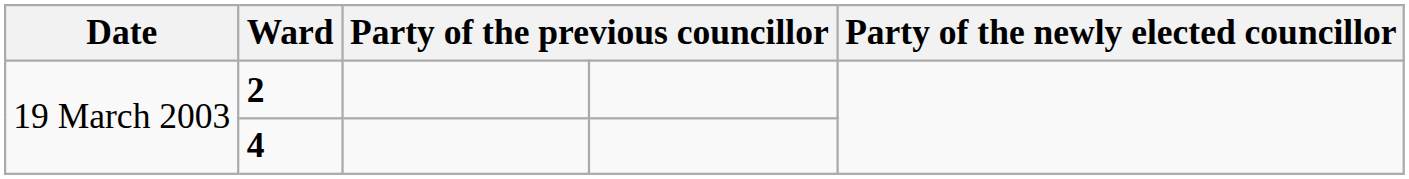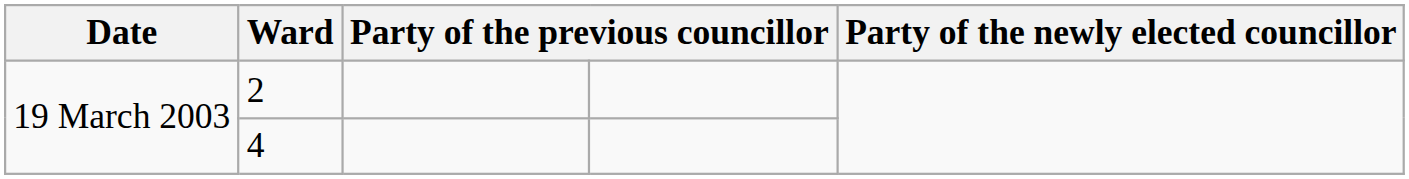 <table class="wikitable">
 <tr>
 <th>Date</th>
 <th>Ward</th>
 <th colspan=2>Party of the previous councillor</th>
 <th colspan=2>Party of the newly elected councillor</th>
 </tr>
 <tr>
 <td rowspan=2>19 March 2003</td>
-<td><strong>2</strong></td>
+<td>2</td>
 <td></td>
 <td></td>
 </tr>
 <tr>
-<td><strong>4</strong></td>
+<td>4</td>
 <td></td>
 <td></td>
 </tr>
 </table>
